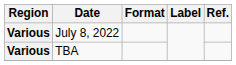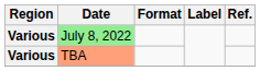 <table class="wikitable plainrowheaders">
 <tr>
 <th scope="col">Region</th>
 <th scope="col">Date</th>
 <th scope="col">Format</th>
 <th scope="col">Label</th>
 <th scope="col">Ref.</th>
 </tr>
 <tr>
 <th scope="row">Various</th>
-<td rowspan="1">July 8, 2022</td>
+<td rowspan="1" style="background: lightgreen;">July 8, 2022</td>
 <td></td>
 <td rowspan="2"></td>
 <td align="center"></td>
 </tr>
 <tr>
 <th scope="row">Various</th>
-<td>TBA</td>
+<td style="background: lightsalmon;">TBA</td>
 <td></td>
 <td></td>
 </tr>
 <tr>
 </tr>
 </table>
